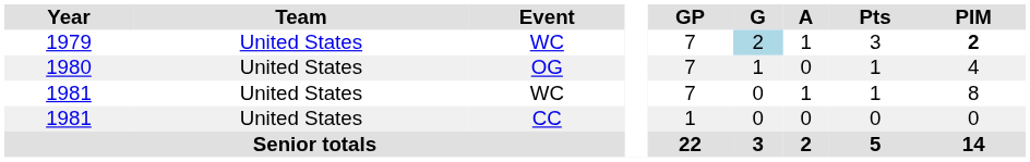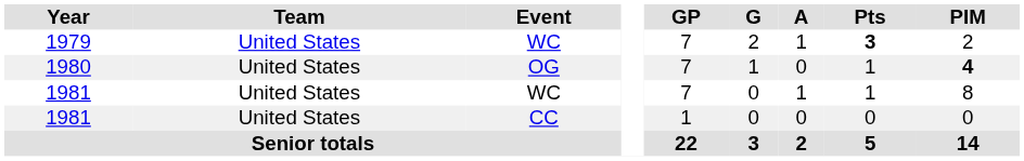 <table border="0" cellpadding="1" cellspacing="0" style="text-align:center; width:50em">
 <tr ALIGN="centre" bgcolor="#e0e0e0">
 <th>Year</th>
 <th>Team</th>
 <th>Event</th>
 <th rowspan="99" bgcolor="#ffffff"> </th>
 <th>GP</th>
 <th>G</th>
 <th>A</th>
 <th>Pts</th>
 <th>PIM</th>
 </tr>
 <tr>
 <td><a href='#'>1979</a></td>
 <td><a href='#'>United States</a></td>
 <td><a href='#'>WC</a></td>
 <td>7</td>
-<td style="background: lightblue;">2</td>
+<td>2</td>
 <td>1</td>
-<td>3</td>
-<td><strong>2</strong></td>
+<td><strong>3</strong></td>
+<td>2</td>
 </tr>
 <tr bgcolor="#f0f0f0">
 <td><a href='#'>1980</a></td>
 <td>United States</td>
 <td><a href='#'>OG</a></td>
 <td>7</td>
 <td>1</td>
 <td>0</td>
 <td>1</td>
-<td>4</td>
+<td><strong>4</strong></td>
 </tr>
 <tr>
 <td><a href='#'>1981</a></td>
 <td>United States</td>
 <td>WC</td>
 <td>7</td>
 <td>0</td>
 <td>1</td>
 <td>1</td>
 <td>8</td>
 </tr>
 <tr bgcolor="#f0f0f0">
 <td><a href='#'>1981</a></td>
 <td>United States</td>
 <td><a href='#'>CC</a></td>
 <td>1</td>
 <td>0</td>
 <td>0</td>
 <td>0</td>
 <td>0</td>
 </tr>
 <tr style="background:#e0e0e0;">
 <th colspan="3">Senior totals</th>
 <th>22</th>
 <th>3</th>
 <th>2</th>
 <th>5</th>
 <th>14</th>
 </tr>
 </table>
